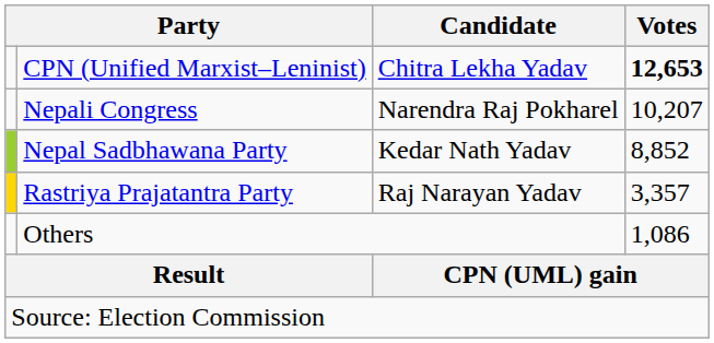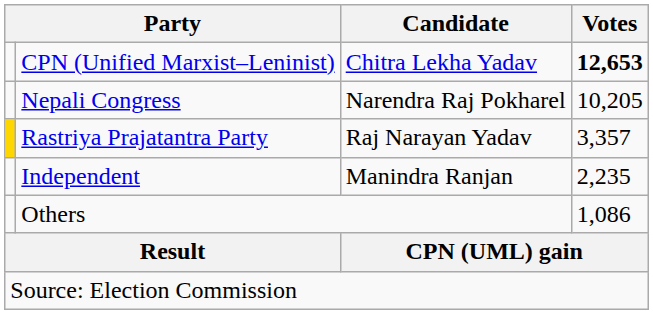 <table class="wikitable">
 <tr>
 <th colspan="2">Party</th>
 <th>Candidate</th>
 <th>Votes</th>
 </tr>
 <tr>
 <td style="background-color:"></td>
 <td><a href='#'>CPN (Unified Marxist–Leninist)</a></td>
 <td><a href='#'>Chitra Lekha Yadav</a></td>
 <td><strong>12,653</strong></td>
 </tr>
 <tr>
 <td style="background-color:"></td>
 <td><a href='#'>Nepali Congress</a></td>
 <td>Narendra Raj Pokharel</td>
-<td>10,207</td>
-</tr>
-<tr>
-<td style="background-color:yellowgreen"></td>
-<td><a href='#'>Nepal Sadbhawana Party</a></td>
-<td>Kedar Nath Yadav</td>
-<td>8,852</td>
+<td>10,205</td>
 </tr>
 <tr>
 <td style="background-color:gold"></td>
 <td><a href='#'>Rastriya Prajatantra Party</a></td>
 <td>Raj Narayan Yadav</td>
 <td>3,357</td>
+</tr>
+<tr>
+<td style="background-color:"></td>
+<td><a href='#'>Independent</a></td>
+<td>Manindra Ranjan</td>
+<td>2,235</td>
 </tr>
 <tr>
 <td></td>
 <td colspan="2">Others</td>
 <td>1,086</td>
 </tr>
 <tr>
 <th colspan="2">Result</th>
 <th colspan="2">CPN (UML) gain</th>
 </tr>
 <tr>
 <td colspan="4">Source: Election Commission</td>
 </tr>
 </table>
